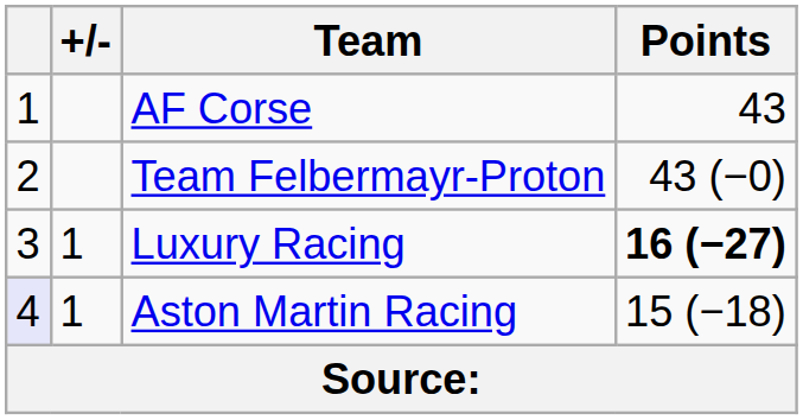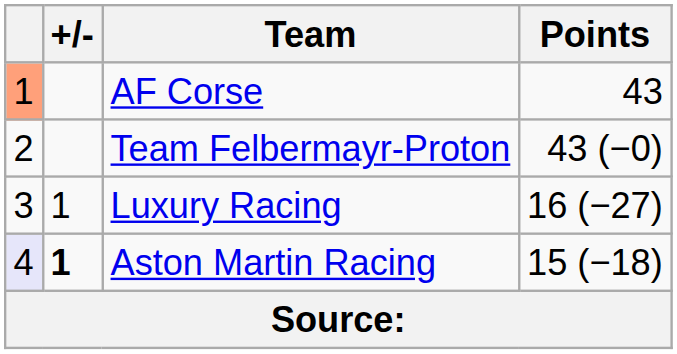 <table class="wikitable" style="font-size: 95%;">
 <tr>
 <th scope="col"></th>
 <th scope="col">+/-</th>
 <th scope="col">Team</th>
 <th scope="col">Points</th>
 </tr>
 <tr>
-<td align=center>1</td>
+<td align=center style="background: lightsalmon;">1</td>
 <td align="left"></td>
 <td> <a href='#'>AF Corse</a></td>
 <td align=right>43</td>
 </tr>
 <tr>
 <td align=center>2</td>
 <td align="left"></td>
 <td> <a href='#'>Team Felbermayr-Proton</a></td>
 <td align=right>43 (−0)</td>
 </tr>
 <tr>
 <td align=center>3</td>
 <td align="left"> 1</td>
 <td> <a href='#'>Luxury Racing</a></td>
-<td align=right><strong>16 (−27)</strong></td>
+<td align=right>16 (−27)</td>
 </tr>
 <tr>
 <td align=center style="background: lavender;">4</td>
-<td align="left"> 1</td>
+<td align="left"><strong> 1</strong></td>
 <td> <a href='#'>Aston Martin Racing</a></td>
 <td align=right>15 (−18)</td>
 </tr>
 <tr>
 <th colspan=4>Source:</th>
 </tr>
 </table>
